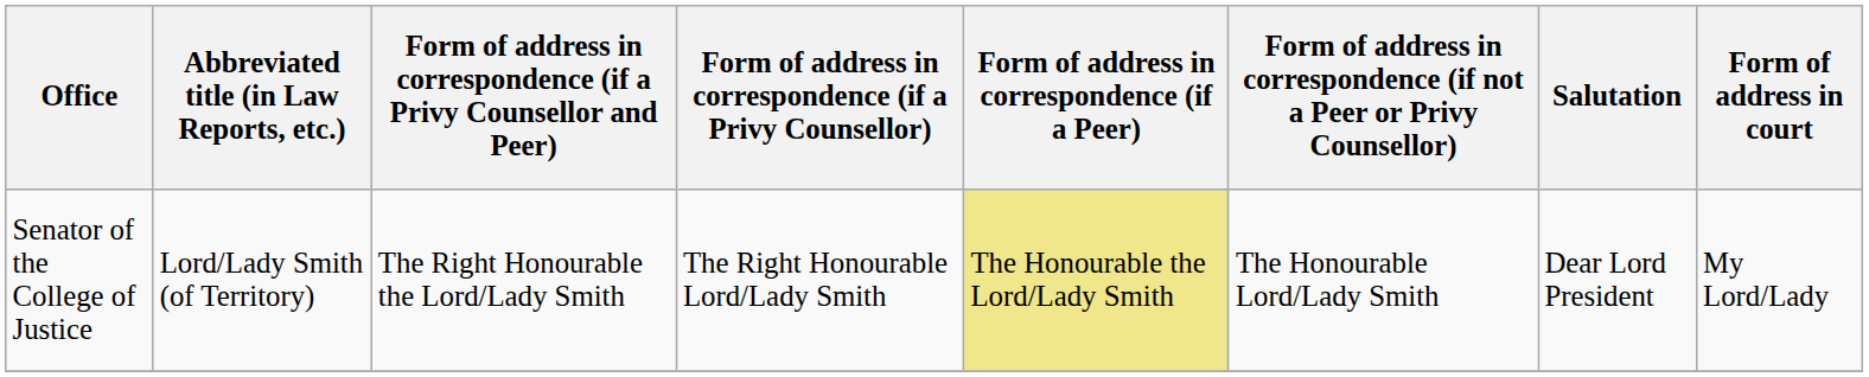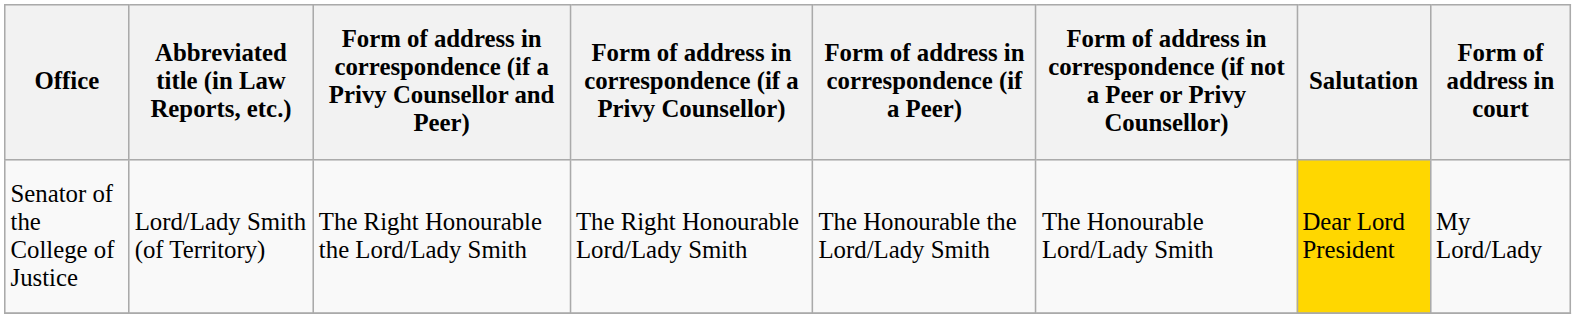 <table class="wikitable" style="width: 80%; height: 200px;">
 <tr>
 <th>Office</th>
 <th>Abbreviated title (in Law Reports, etc.)</th>
 <th>Form of address in correspondence (if a Privy Counsellor and Peer)</th>
 <th>Form of address in correspondence (if a Privy Counsellor)</th>
 <th>Form of address in correspondence (if a Peer)</th>
 <th>Form of address in correspondence (if not a Peer or Privy Counsellor)</th>
 <th>Salutation</th>
 <th>Form of address in court</th>
 </tr>
 <tr>
 <td>Senator of the College of Justice</td>
 <td>Lord/Lady Smith (of Territory)</td>
 <td>The Right Honourable the Lord/Lady Smith</td>
 <td>The Right Honourable Lord/Lady Smith</td>
-<td style="background: khaki;">The Honourable the Lord/Lady Smith</td>
+<td>The Honourable the Lord/Lady Smith</td>
 <td>The Honourable Lord/Lady Smith</td>
-<td>Dear Lord President</td>
+<td style="background: gold;">Dear Lord President</td>
 <td>My Lord/Lady</td>
 </tr>
 <tr>
 </tr>
 </table>
